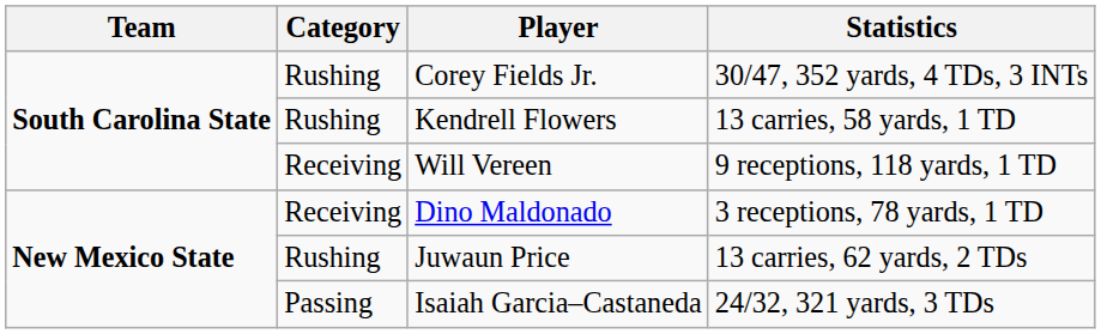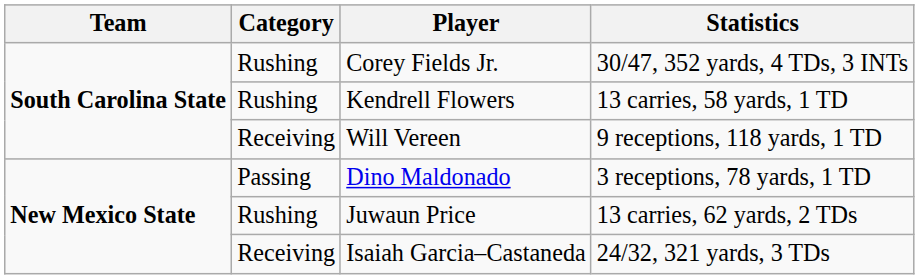 <table class="wikitable" style="float: left;">
 <tr>
 <th>Team</th>
 <th>Category</th>
 <th>Player</th>
 <th>Statistics</th>
 </tr>
 <tr>
 <td rowspan=3><strong>South Carolina State</strong></td>
 <td>Rushing</td>
 <td>Corey Fields Jr.</td>
 <td>30/47, 352 yards, 4 TDs, 3 INTs</td>
 </tr>
 <tr>
 <td>Rushing</td>
 <td>Kendrell Flowers</td>
 <td>13 carries, 58 yards, 1 TD</td>
 </tr>
 <tr>
 <td>Receiving</td>
 <td>Will Vereen</td>
 <td>9 receptions, 118 yards, 1 TD</td>
 </tr>
 <tr>
 <td rowspan=3><strong>New Mexico State</strong></td>
-<td>Receiving</td>
+<td>Passing</td>
 <td><a href='#'>Dino Maldonado</a></td>
 <td>3 receptions, 78 yards, 1 TD</td>
 </tr>
 <tr>
 <td>Rushing</td>
 <td>Juwaun Price</td>
 <td>13 carries, 62 yards, 2 TDs</td>
 </tr>
 <tr>
-<td>Passing</td>
+<td>Receiving</td>
 <td>Isaiah Garcia–Castaneda</td>
 <td>24/32, 321 yards, 3 TDs</td>
 </tr>
 </table>
